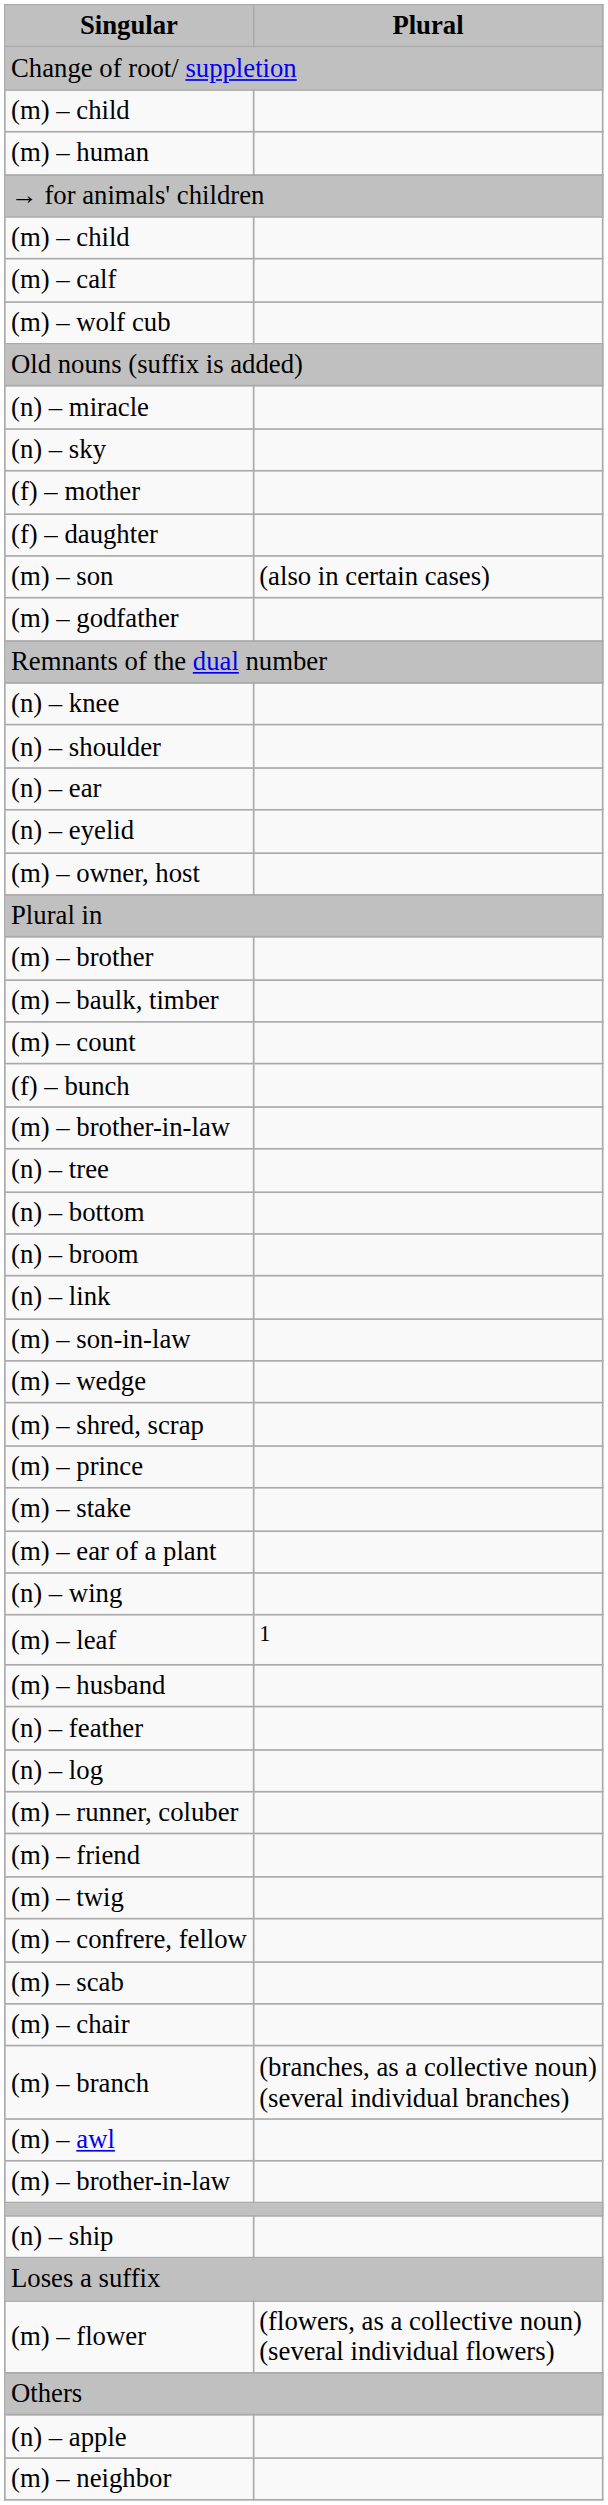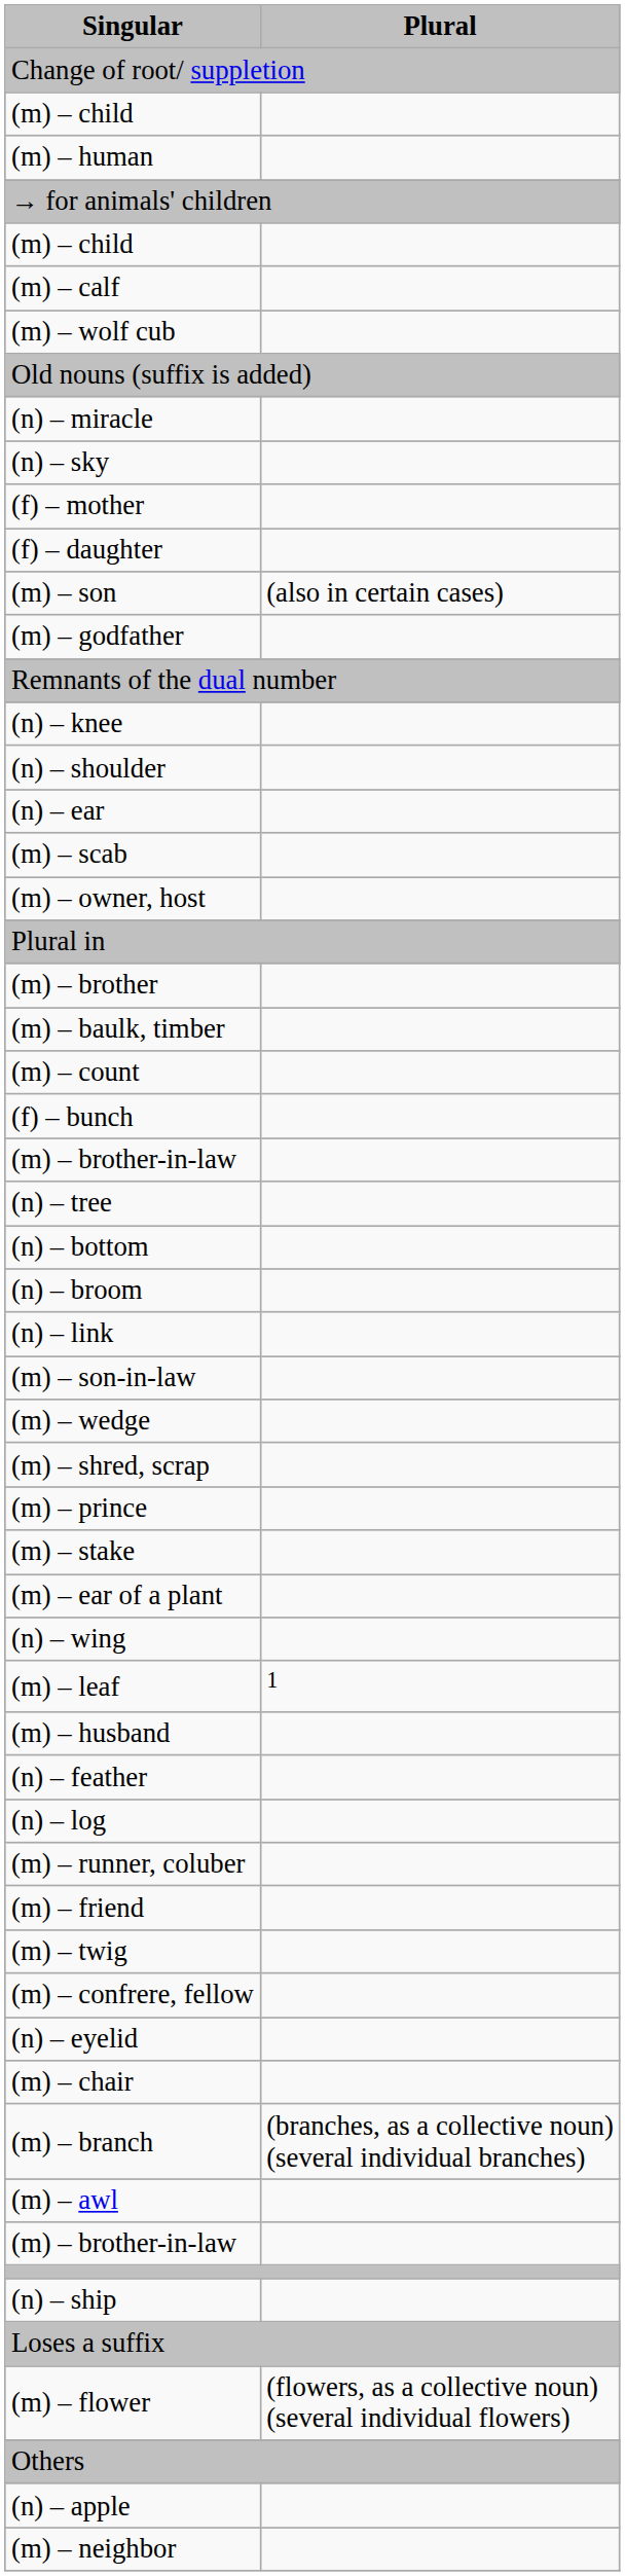 <table class="wikitable">
 <tr>
 <th style="background:#C0C0C0">Singular</th>
 <th style="background:#C0C0C0">Plural</th>
 </tr>
 <tr>
 <td style="background:#C0C0C0" colspan="2">Change of root/ <a href='#'>suppletion</a></td>
 </tr>
 <tr>
 <td> (m) – child</td>
 <td></td>
 </tr>
 <tr>
 <td> (m) – human</td>
 <td></td>
 </tr>
 <tr>
 <td style="background:#C0C0C0" colspan="2"> →  for animals' children</td>
 </tr>
 <tr>
 <td> (m) – child</td>
 <td></td>
 </tr>
 <tr>
 <td> (m) – calf</td>
 <td></td>
 </tr>
 <tr>
 <td> (m) – wolf cub</td>
 <td></td>
 </tr>
 <tr>
 <td style="background:#C0C0C0" colspan="2">Old  nouns (suffix is added)</td>
 </tr>
 <tr>
 <td> (n) – miracle</td>
 <td></td>
 </tr>
 <tr>
 <td> (n) – sky</td>
 <td></td>
 </tr>
 <tr>
 <td> (f) – mother</td>
 <td></td>
 </tr>
 <tr>
 <td> (f) – daughter</td>
 <td></td>
 </tr>
 <tr>
 <td> (m) – son</td>
 <td> (also  in certain cases)</td>
 </tr>
 <tr>
 <td> (m) – godfather</td>
 <td></td>
 </tr>
 <tr>
 <td style="background:#C0C0C0" colspan="2">Remnants of the <a href='#'>dual</a> number</td>
 </tr>
 <tr>
 <td> (n) – knee</td>
 <td></td>
 </tr>
 <tr>
 <td> (n) – shoulder</td>
 <td></td>
 </tr>
 <tr>
 <td> (n) – ear</td>
 <td></td>
 </tr>
 <tr>
-<td> (n) – eyelid</td>
+<td> (m) – scab</td>
 <td></td>
 </tr>
 <tr>
 <td> (m) – owner, host</td>
 <td></td>
 </tr>
 <tr>
 <td style="background:#C0C0C0" colspan="2">Plural in </td>
 </tr>
 <tr>
 <td> (m) – brother</td>
 <td></td>
 </tr>
 <tr>
 <td> (m) – baulk, timber</td>
 <td></td>
 </tr>
 <tr>
 <td> (m) – count</td>
 <td></td>
 </tr>
 <tr>
 <td> (f) – bunch</td>
 <td></td>
 </tr>
 <tr>
 <td> (m) – brother-in-law</td>
 <td></td>
 </tr>
 <tr>
 <td> (n) – tree</td>
 <td></td>
 </tr>
 <tr>
 <td> (n) – bottom</td>
 <td></td>
 </tr>
 <tr>
 <td> (n) – broom</td>
 <td></td>
 </tr>
 <tr>
 <td> (n) – link</td>
 <td></td>
 </tr>
 <tr>
 <td> (m) – son-in-law</td>
 <td></td>
 </tr>
 <tr>
 <td> (m) – wedge</td>
 <td></td>
 </tr>
 <tr>
 <td> (m) – shred, scrap</td>
 <td></td>
 </tr>
 <tr>
 <td> (m) – prince</td>
 <td></td>
 </tr>
 <tr>
 <td> (m) – stake</td>
 <td></td>
 </tr>
 <tr>
 <td> (m) – ear of a plant</td>
 <td></td>
 </tr>
 <tr>
 <td> (n) – wing</td>
 <td></td>
 </tr>
 <tr>
 <td> (m) – leaf</td>
 <td><sup>1</sup></td>
 </tr>
 <tr>
 <td> (m) – husband</td>
 <td></td>
 </tr>
 <tr>
 <td> (n) – feather</td>
 <td></td>
 </tr>
 <tr>
 <td> (n) – log</td>
 <td></td>
 </tr>
 <tr>
 <td> (m) – runner, coluber</td>
 <td></td>
 </tr>
 <tr>
 <td> (m) – friend</td>
 <td></td>
 </tr>
 <tr>
 <td> (m) – twig</td>
 <td></td>
 </tr>
 <tr>
 <td> (m) – confrere, fellow</td>
 <td></td>
 </tr>
 <tr>
-<td> (m) – scab</td>
+<td> (n) – eyelid</td>
 <td></td>
 </tr>
 <tr>
 <td> (m) – chair</td>
 <td></td>
 </tr>
 <tr>
 <td> (m) – branch</td>
 <td> (branches, as a collective noun)<br> (several individual branches)</td>
 </tr>
 <tr>
 <td> (m) – <a href='#'>awl</a></td>
 <td></td>
 </tr>
 <tr>
 <td> (m) – brother-in-law</td>
 <td></td>
 </tr>
 <tr>
 <td style="background:#C0C0C0" colspan="2"></td>
 </tr>
 <tr>
 <td> (n) – ship</td>
 <td></td>
 </tr>
 <tr>
 <td style="background:#C0C0C0" colspan="2">Loses a suffix</td>
 </tr>
 <tr>
 <td> (m) – flower</td>
 <td> (flowers, as a collective noun)<br> (several individual flowers)</td>
 </tr>
 <tr>
 <td style="background:#C0C0C0" colspan="2">Others</td>
 </tr>
 <tr>
 <td> (n) – apple</td>
 <td></td>
 </tr>
 <tr>
 <td> (m) – neighbor</td>
 <td></td>
 </tr>
 </table>
